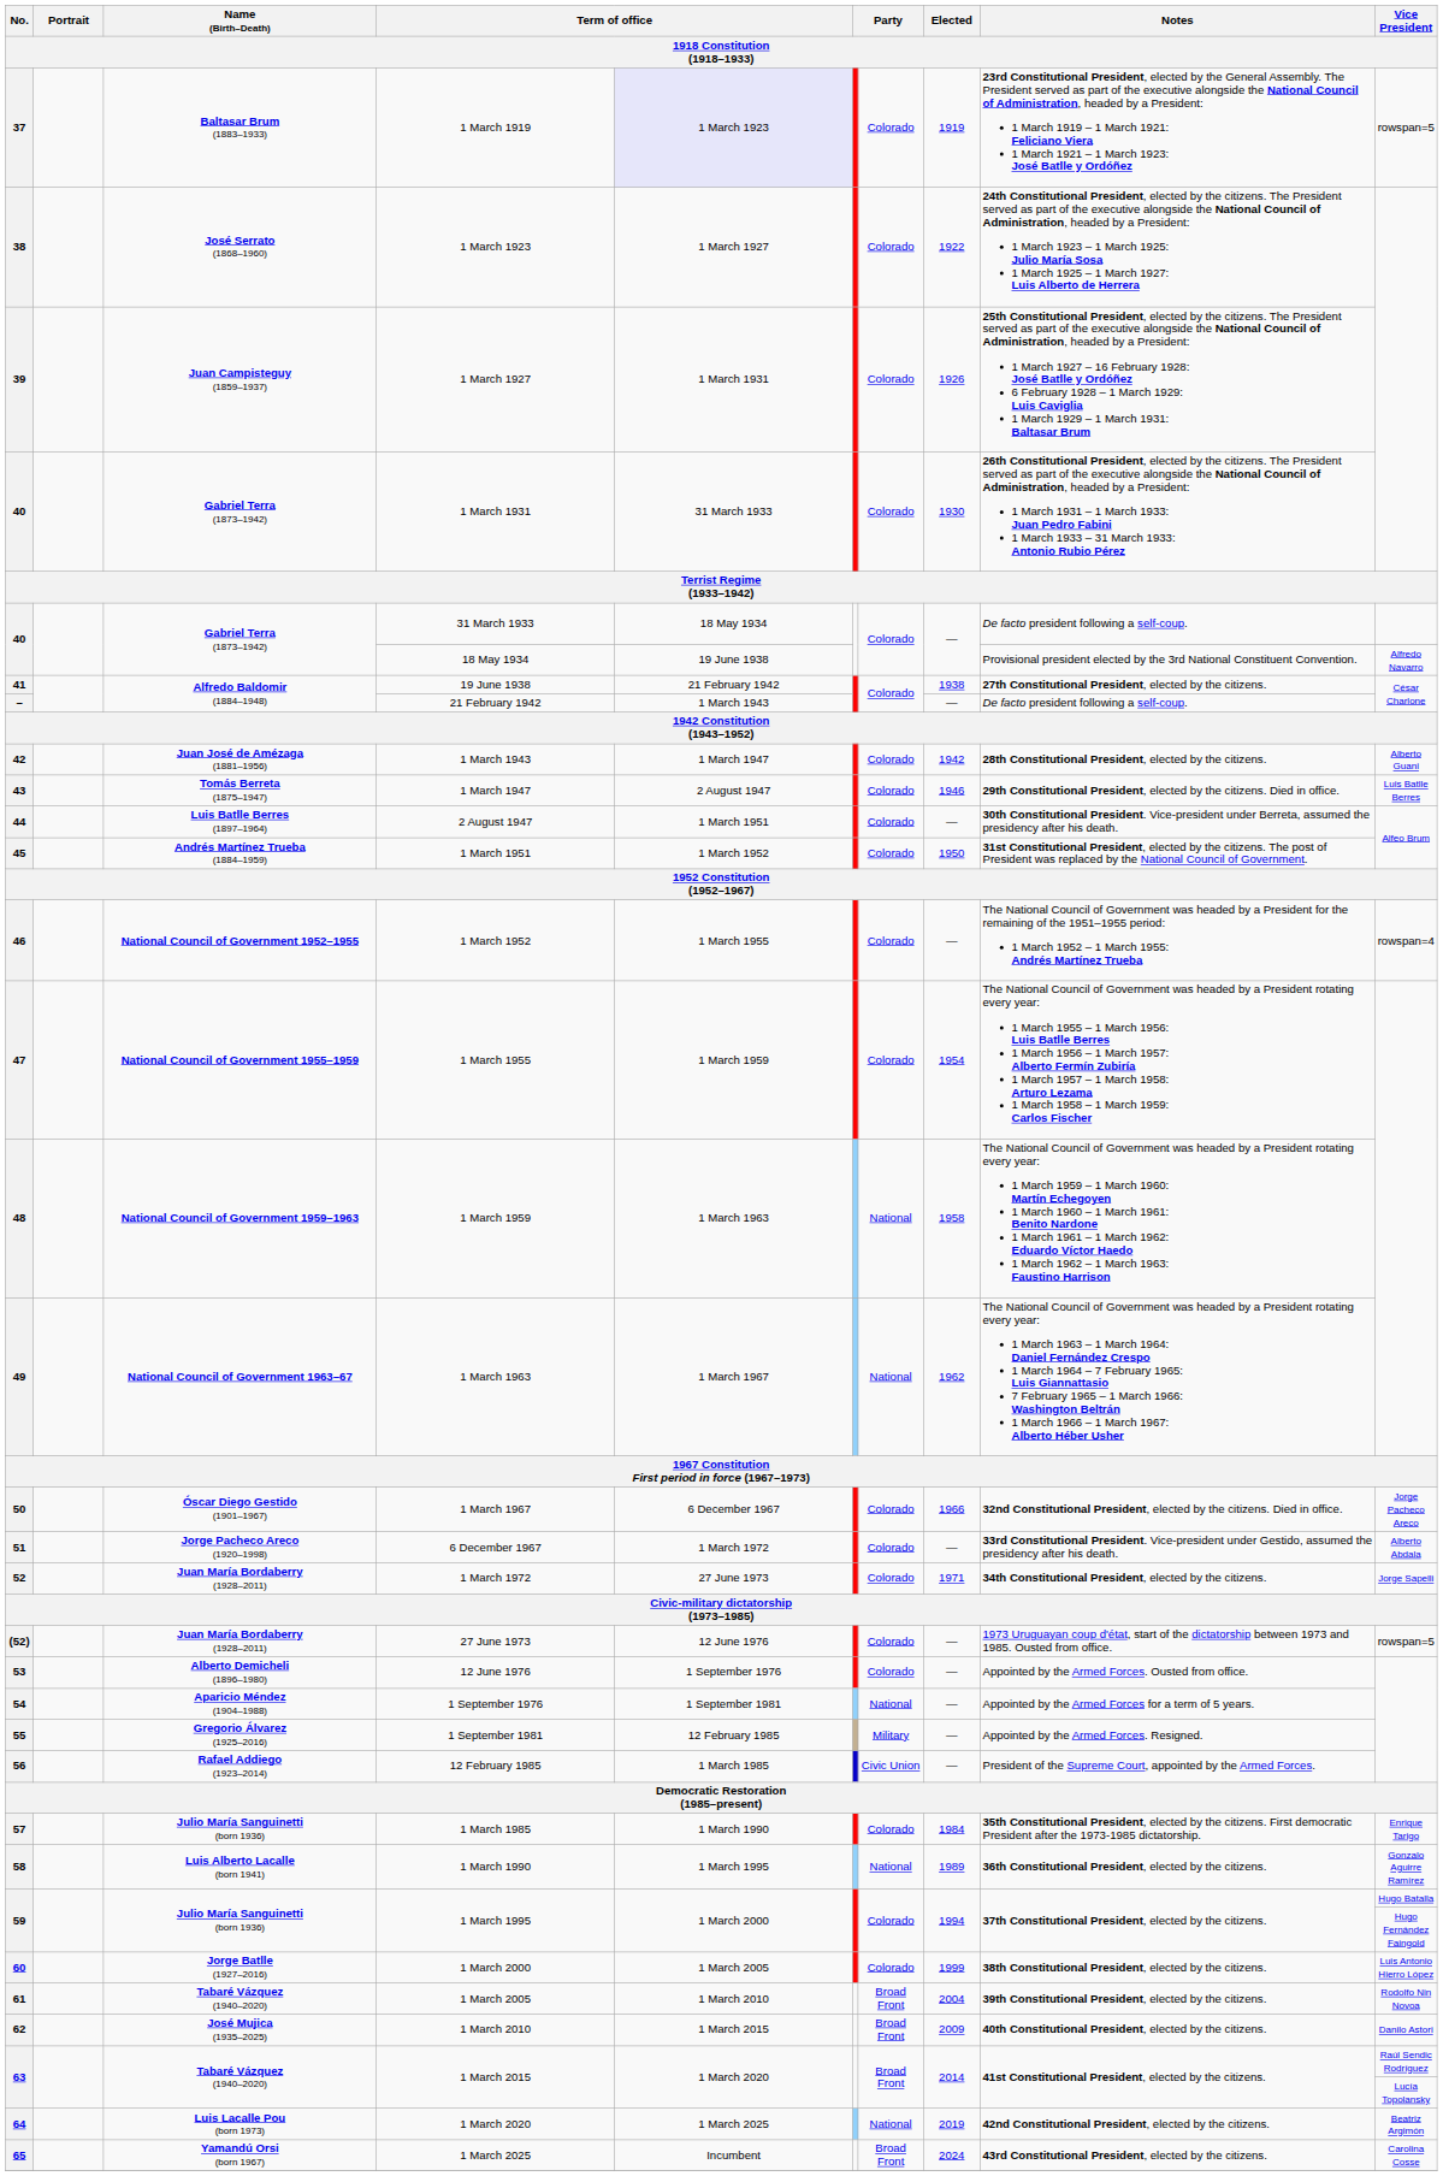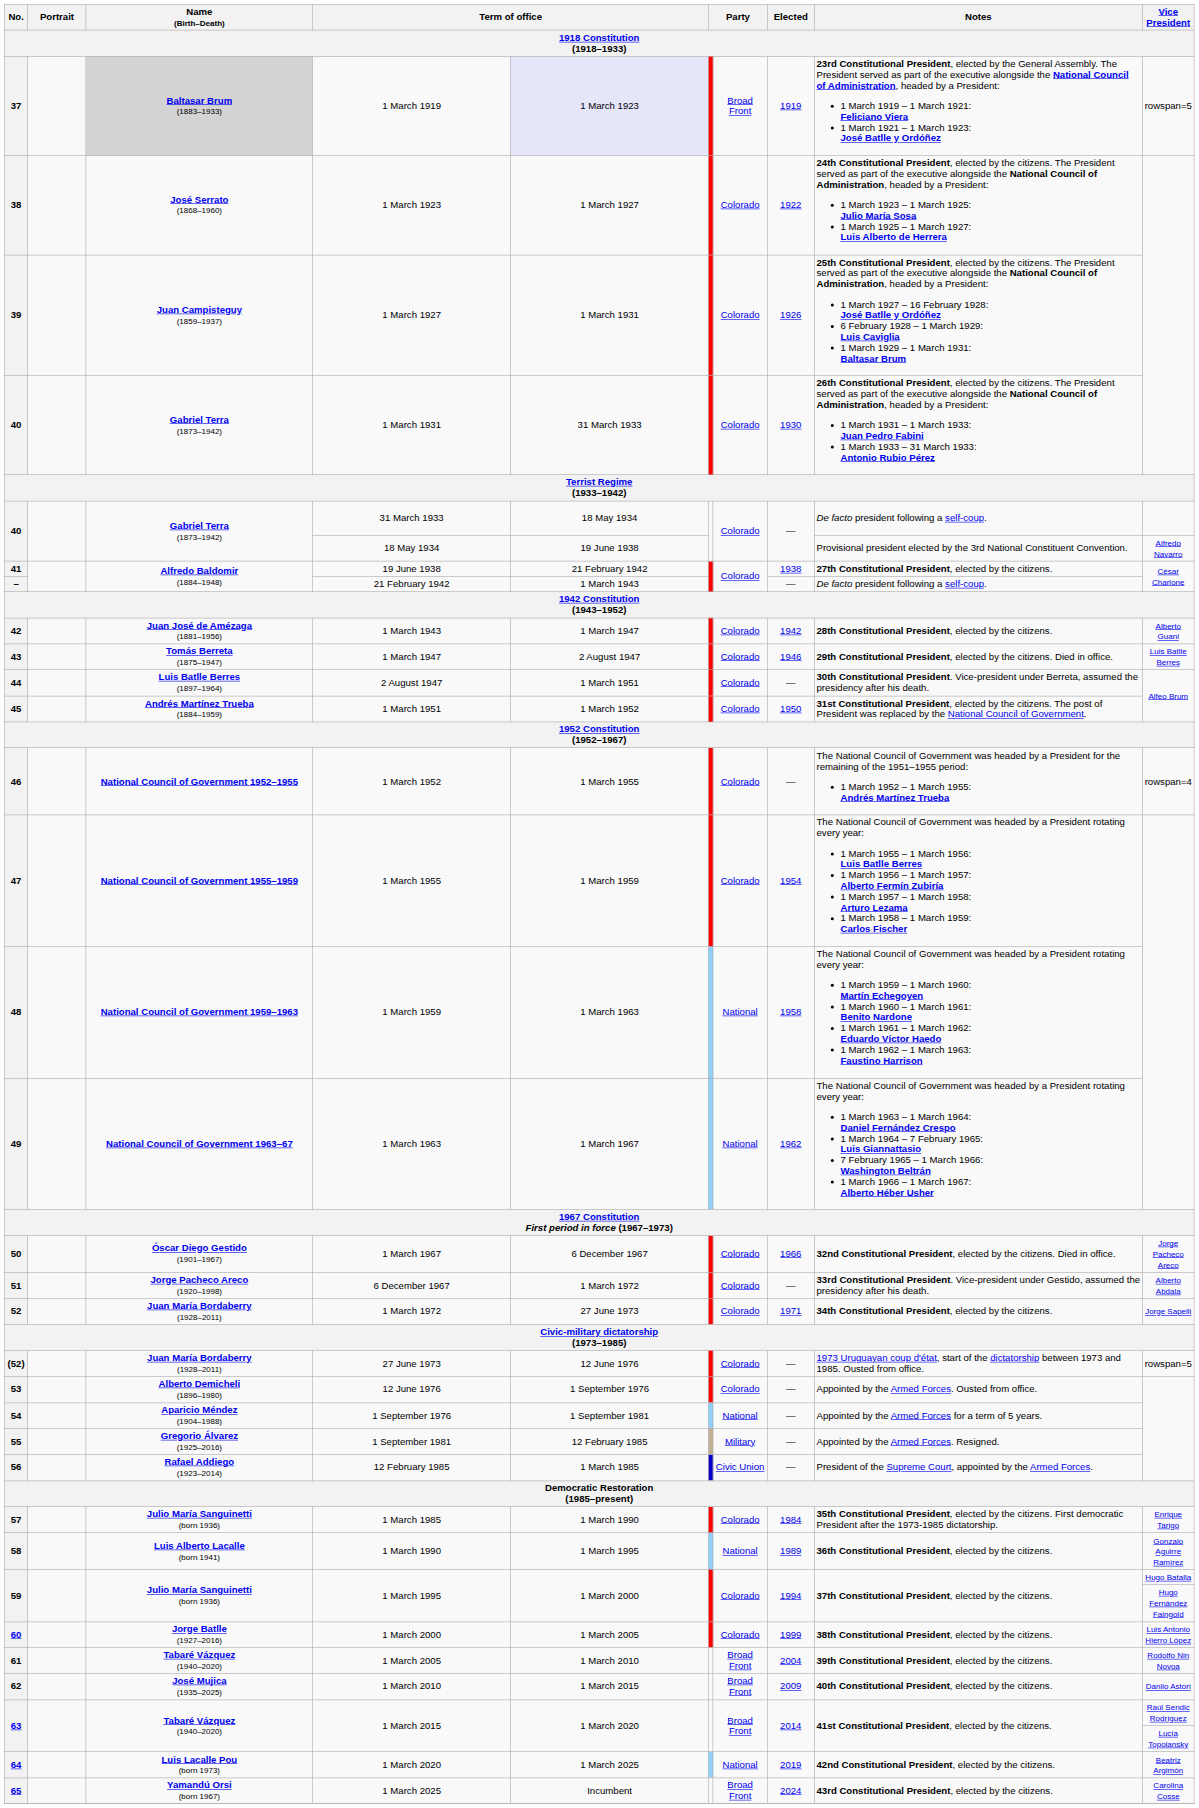 <table class="wikitable" width="100%" style="text-align: center;">
 <tr>
 <th width="2%">No.</th>
 <th width="5%">Portrait</th>
 <th width="20%">Name<br><small>(Birth–Death)</small></th>
 <th colspan="2" width="35%">Term of office</th>
 <th width="5%" colspan=2>Party</th>
 <th width="4%">Elected</th>
 <th width="29%">Notes</th>
 <th width="4%"><a href='#'>Vice President</a></th>
 </tr>
 <tr>
 <th colspan="10"><a href='#'>1918 Constitution</a> <br> (1918–1933)</th>
 </tr>
 <tr>
 <th>37</th>
 <td></td>
-<td><strong><a href='#'>Baltasar Brum</a></strong><br><small>(1883–1933)</small></td>
+<td style="background: lightgrey;"><strong><a href='#'>Baltasar Brum</a></strong><br><small>(1883–1933)</small></td>
 <td>1 March 1919</td>
 <td style="background: lavender;">1 March 1923</td>
 <td bgcolor=red></td>
-<td><a href='#'>Colorado</a></td>
+<td><a href='#'>Broad Front</a></td>
 <td><a href='#'>1919</a></td>
 <td align=left><strong>23rd Constitutional President</strong>, elected by the General Assembly. The President served as part of the executive alongside the <strong><a href='#'>National Council of Administration</a></strong>, headed by a President:<br><ul><li>1 March 1919 – 1 March 1921:<br><strong><a href='#'>Feliciano Viera</a></strong></li><li>1 March 1921 – 1 March 1923:<br><strong><a href='#'>José Batlle y Ordóñez</a></strong></li></ul></td>
 <td>rowspan=5 </td>
 </tr>
 <tr>
 <th>38</th>
 <td></td>
 <td><strong><a href='#'>José Serrato</a></strong><br><small>(1868–1960)</small></td>
 <td>1 March 1923</td>
 <td>1 March 1927</td>
 <td bgcolor=red></td>
 <td><a href='#'>Colorado</a></td>
 <td><a href='#'>1922</a></td>
 <td align=left><strong>24th Constitutional President</strong>, elected by the citizens. The President served as part of the executive alongside the <strong>National Council of Administration</strong>, headed by a President:<br><ul><li>1 March 1923 – 1 March 1925:<br><strong><a href='#'>Julio María Sosa</a></strong></li><li>1 March 1925 – 1 March 1927:<br><strong><a href='#'>Luis Alberto de Herrera</a></strong></li></ul></td>
 </tr>
 <tr>
 <th>39</th>
 <td></td>
 <td><strong><a href='#'>Juan Campisteguy</a></strong><br><small>(1859–1937)</small></td>
 <td>1 March 1927</td>
 <td>1 March 1931</td>
 <td bgcolor=red></td>
 <td><a href='#'>Colorado</a></td>
 <td><a href='#'>1926</a></td>
 <td align=left><strong>25th Constitutional President</strong>, elected by the citizens. The President served as part of the executive alongside the <strong>National Council of Administration</strong>, headed by a President:<br><ul><li>1 March 1927 – 16 February 1928:<br><strong><a href='#'>José Batlle y Ordóñez</a></strong></li><li>6 February 1928 – 1 March 1929:<br><strong><a href='#'>Luis Caviglia</a></strong></li><li>1 March 1929 – 1 March 1931:<br><strong><a href='#'>Baltasar Brum</a></strong></li></ul></td>
 </tr>
 <tr>
 <th>40</th>
 <td></td>
 <td><strong><a href='#'>Gabriel Terra</a></strong><br><small>(1873–1942)</small></td>
 <td>1 March 1931</td>
 <td>31 March 1933</td>
 <td bgcolor="red"></td>
 <td><a href='#'>Colorado</a></td>
 <td><a href='#'>1930</a></td>
 <td align=left><strong>26th Constitutional President</strong>, elected by the citizens. The President served as part of the executive alongside the <strong>National Council of Administration</strong>, headed by a President:<br><ul><li>1 March 1931 – 1 March 1933:<br><strong><a href='#'>Juan Pedro Fabini</a></strong></li><li>1 March 1933 – 31 March 1933:<br><strong><a href='#'>Antonio Rubio Pérez</a></strong></li></ul></td>
 </tr>
 <tr>
 <th colspan="10"><a href='#'>Terrist Regime</a>  <br>(1933–1942)</th>
 </tr>
 <tr>
 <th rowspan="2">40</th>
 <td rowspan="2"></td>
 <td rowspan="2"><strong><a href='#'>Gabriel Terra</a></strong><br><small>(1873–1942)</small></td>
 <td height="50px">31 March 1933</td>
 <td>18 May 1934</td>
 <td rowspan="2"></td>
 <td rowspan="2"><a href='#'>Colorado</a></td>
 <td rowspan="2">—</td>
 <td align="left"><em>De facto</em> president following a <a href='#'>self-coup</a>.</td>
 </tr>
 <tr>
 <td>18 May 1934</td>
 <td>19 June 1938</td>
 <td align=left>Provisional president elected by the 3rd National Constituent Convention.</td>
 <td><small><a href='#'>Alfredo Navarro</a></small></td>
 </tr>
 <tr>
 <th>41</th>
 <td rowspan=2></td>
 <td rowspan=2><strong><a href='#'>Alfredo Baldomir</a></strong><br><small>(1884–1948)</small></td>
 <td>19 June 1938</td>
 <td>21 February 1942</td>
 <td rowspan=2 bgcolor=red></td>
 <td rowspan=2><a href='#'>Colorado</a></td>
 <td><a href='#'>1938</a></td>
 <td align=left><strong>27th Constitutional President</strong>, elected by the citizens.</td>
 <td rowspan=2><small><a href='#'>César Charlone</a></small></td>
 </tr>
 <tr>
 <th>–</th>
 <td>21 February 1942</td>
 <td>1 March 1943</td>
 <td>—</td>
 <td align=left><em>De facto</em> president following a <a href='#'>self-coup</a>.</td>
 </tr>
 <tr>
 <th colspan="10"><a href='#'>1942 Constitution</a> <br>(1943–1952)</th>
 </tr>
 <tr>
 <th>42</th>
 <td></td>
 <td><strong><a href='#'>Juan José de Amézaga</a></strong><br><small>(1881–1956)</small></td>
 <td>1 March 1943</td>
 <td>1 March 1947</td>
 <td bgcolor=red></td>
 <td><a href='#'>Colorado</a></td>
 <td><a href='#'>1942</a></td>
 <td align=left><strong>28th Constitutional President</strong>, elected by the citizens.</td>
 <td><small><a href='#'>Alberto Guani</a></small></td>
 </tr>
 <tr>
 <th>43</th>
 <td></td>
 <td><strong><a href='#'>Tomás Berreta</a></strong><br><small>(1875–1947)</small></td>
 <td>1 March 1947</td>
 <td>2 August 1947</td>
 <td bgcolor=red></td>
 <td><a href='#'>Colorado</a></td>
 <td><a href='#'>1946</a></td>
 <td align=left><strong>29th Constitutional President</strong>, elected by the citizens. Died in office.</td>
 <td><small><a href='#'>Luis Batlle Berres</a></small></td>
 </tr>
 <tr>
 <th>44</th>
 <td></td>
 <td><strong><a href='#'>Luis Batlle Berres</a></strong><br><small>(1897–1964)</small></td>
 <td>2 August 1947</td>
 <td>1 March 1951</td>
 <td bgcolor=red></td>
 <td><a href='#'>Colorado</a></td>
 <td>—</td>
 <td align=left><strong>30th Constitutional President</strong>. Vice-president under Berreta, assumed the presidency after his death.</td>
 <td rowspan=2><small><a href='#'>Alfeo Brum</a></small></td>
 </tr>
 <tr>
 <th>45</th>
 <td></td>
 <td><strong><a href='#'>Andrés Martínez Trueba</a></strong><br><small>(1884–1959)</small></td>
 <td>1 March 1951</td>
 <td>1 March 1952</td>
 <td bgcolor=red></td>
 <td><a href='#'>Colorado</a></td>
 <td><a href='#'>1950</a></td>
 <td align=left><strong>31st Constitutional President</strong>, elected by the citizens. The post of President was replaced by the <a href='#'>National Council of Government</a>.</td>
 </tr>
 <tr>
 <th colspan="10"><a href='#'>1952 Constitution</a>  <br> (1952–1967)</th>
 </tr>
 <tr>
 <th>46</th>
 <td></td>
 <td><strong><a href='#'>National Council of Government 1952–1955</a></strong></td>
 <td>1 March 1952</td>
 <td>1 March 1955</td>
 <td bgcolor=red></td>
 <td><a href='#'>Colorado</a></td>
 <td>—</td>
 <td align=left>The National Council of Government was headed by a President for the remaining of the 1951–1955 period:<br><ul><li>1 March 1952 – 1 March 1955:<br><strong><a href='#'>Andrés Martínez Trueba</a></strong></li></ul></td>
 <td>rowspan=4 </td>
 </tr>
 <tr>
 <th>47</th>
 <td></td>
 <td><strong><a href='#'>National Council of Government 1955–1959</a></strong></td>
 <td>1 March 1955</td>
 <td>1 March 1959</td>
 <td bgcolor=red></td>
 <td><a href='#'>Colorado</a></td>
 <td><a href='#'>1954</a></td>
 <td align=left>The National Council of Government was headed by a President rotating every year:<br><ul><li>1 March 1955 – 1 March 1956:<br><strong><a href='#'>Luis Batlle Berres</a></strong></li><li>1 March 1956 – 1 March 1957:<br><strong><a href='#'>Alberto Fermín Zubiría</a></strong></li><li>1 March 1957 – 1 March 1958:<br><strong><a href='#'>Arturo Lezama</a></strong></li><li>1 March 1958 – 1 March 1959:<br><strong><a href='#'>Carlos Fischer</a></strong></li></ul></td>
 </tr>
 <tr>
 <th>48</th>
 <td></td>
 <td><strong><a href='#'>National Council of Government 1959–1963</a></strong></td>
 <td>1 March 1959</td>
 <td>1 March 1963</td>
 <td bgcolor=#90D1FC></td>
 <td><a href='#'>National</a></td>
 <td><a href='#'>1958</a></td>
 <td align=left>The National Council of Government was headed by a President rotating every year:<br><ul><li>1 March 1959 – 1 March 1960:<br><strong><a href='#'>Martín Echegoyen</a></strong></li><li>1 March 1960 – 1 March 1961:<br><strong><a href='#'>Benito Nardone</a></strong></li><li>1 March 1961 – 1 March 1962:<br><strong><a href='#'>Eduardo Víctor Haedo</a></strong></li><li>1 March 1962 – 1 March 1963:<br><strong><a href='#'>Faustino Harrison</a></strong></li></ul></td>
 </tr>
 <tr>
 <th>49</th>
 <td></td>
 <td><strong><a href='#'>National Council of Government 1963–67</a></strong></td>
 <td>1 March 1963</td>
 <td>1 March 1967</td>
 <td bgcolor=#90D1FC></td>
 <td><a href='#'>National</a></td>
 <td><a href='#'>1962</a></td>
 <td align=left>The National Council of Government was headed by a President rotating every year:<br><ul><li>1 March 1963 – 1 March 1964:<br><strong><a href='#'>Daniel Fernández Crespo</a></strong></li><li>1 March 1964 – 7 February 1965:<br><strong><a href='#'>Luis Giannattasio</a></strong></li><li>7 February 1965 – 1 March 1966:<br><strong><a href='#'>Washington Beltrán</a></strong></li><li>1 March 1966 – 1 March 1967:<br><strong><a href='#'>Alberto Héber Usher</a></strong></li></ul></td>
 </tr>
 <tr>
 <th colspan="10"><a href='#'>1967 Constitution</a> <br> <em>First period in force</em> (1967–1973)</th>
 </tr>
 <tr>
 <th>50</th>
 <td></td>
 <td><strong><a href='#'>Óscar Diego Gestido</a></strong><br><small>(1901–1967)</small></td>
 <td>1 March 1967</td>
 <td>6 December 1967</td>
 <td bgcolor=red></td>
 <td><a href='#'>Colorado</a></td>
 <td><a href='#'>1966</a></td>
 <td align=left><strong>32nd Constitutional President</strong>, elected by the citizens. Died in office.</td>
 <td><small><a href='#'>Jorge Pacheco Areco</a></small></td>
 </tr>
 <tr>
 <th>51</th>
 <td></td>
 <td><strong><a href='#'>Jorge Pacheco Areco</a></strong><br><small>(1920–1998)</small></td>
 <td>6 December 1967</td>
 <td>1 March 1972</td>
 <td bgcolor=red></td>
 <td><a href='#'>Colorado</a></td>
 <td>—</td>
 <td align=left><strong>33rd Constitutional President</strong>. Vice-president under Gestido, assumed the presidency after his death.</td>
 <td><small><a href='#'>Alberto Abdala</a></small></td>
 </tr>
 <tr>
 <th>52</th>
 <td></td>
 <td><strong><a href='#'>Juan María Bordaberry</a></strong><br><small>(1928–2011)</small></td>
 <td>1 March 1972</td>
 <td>27 June 1973</td>
 <td bgcolor="red"></td>
 <td><a href='#'>Colorado</a></td>
 <td><a href='#'>1971</a></td>
 <td align=left><strong>34th Constitutional President</strong>, elected by the citizens.</td>
 <td><small><a href='#'>Jorge Sapelli</a></small></td>
 </tr>
 <tr>
 <th colspan="10"><a href='#'>Civic-military dictatorship</a> <br> (1973–1985)</th>
 </tr>
 <tr>
 <th>(52)</th>
 <td></td>
 <td><strong><a href='#'>Juan María Bordaberry</a></strong><br><small>(1928–2011)</small></td>
 <td>27 June 1973</td>
 <td>12 June 1976</td>
 <td bgcolor=red></td>
 <td><a href='#'>Colorado</a></td>
 <td>—</td>
 <td align="left"><a href='#'>1973 Uruguayan coup d'état</a>, start of the <a href='#'>dictatorship</a> between 1973 and 1985. Ousted from office.</td>
 <td>rowspan=5 </td>
 </tr>
 <tr>
 <th>53</th>
 <td></td>
 <td><strong><a href='#'>Alberto Demicheli</a></strong><br><small>(1896–1980)</small></td>
 <td>12 June 1976</td>
 <td>1 September 1976</td>
 <td bgcolor=red></td>
 <td><a href='#'>Colorado</a></td>
 <td>—</td>
 <td align=left>Appointed by the <a href='#'>Armed Forces</a>. Ousted from office.</td>
 </tr>
 <tr>
 <th>54</th>
 <td></td>
 <td><strong><a href='#'>Aparicio Méndez</a></strong><br><small>(1904–1988)</small></td>
 <td>1 September 1976</td>
 <td>1 September 1981</td>
 <td bgcolor=#90D1FC></td>
 <td><a href='#'>National</a></td>
 <td>—</td>
 <td align=left>Appointed by the <a href='#'>Armed Forces</a> for a term of 5 years.</td>
 </tr>
 <tr>
 <th>55</th>
 <td></td>
 <td><strong><a href='#'>Gregorio Álvarez</a></strong><br><small>(1925–2016)</small></td>
 <td>1 September 1981</td>
 <td>12 February 1985</td>
 <td bgcolor=#C3B091></td>
 <td><a href='#'>Military</a></td>
 <td>—</td>
 <td align=left>Appointed by the <a href='#'>Armed Forces</a>. Resigned.</td>
 </tr>
 <tr>
 <th>56</th>
 <td></td>
 <td><strong><a href='#'>Rafael Addiego</a></strong><br><small>(1923–2014)</small></td>
 <td>12 February 1985</td>
 <td>1 March 1985</td>
 <td bgcolor=#0700C9></td>
 <td><a href='#'>Civic Union</a></td>
 <td>—</td>
 <td align=left>President of the <a href='#'>Supreme Court</a>, appointed by the <a href='#'>Armed Forces</a>.</td>
 </tr>
 <tr>
 <th colspan="10">Democratic Restoration<br>(1985–present)</th>
 </tr>
 <tr>
 <th>57</th>
 <td></td>
 <td><strong><a href='#'>Julio María Sanguinetti</a></strong><br><small>(born 1936)</small></td>
 <td>1 March 1985</td>
 <td>1 March 1990</td>
 <td bgcolor=red></td>
 <td><a href='#'>Colorado</a></td>
 <td><a href='#'>1984</a></td>
 <td align=left><strong>35th Constitutional President</strong>, elected by the citizens. First democratic President after the 1973-1985 dictatorship.</td>
 <td><small><a href='#'>Enrique Tarigo</a></small></td>
 </tr>
 <tr>
 <th>58</th>
 <td></td>
 <td><strong><a href='#'>Luis Alberto Lacalle</a></strong><br><small>(born 1941)</small></td>
 <td>1 March 1990</td>
 <td>1 March 1995</td>
 <td bgcolor=#90D1FC></td>
 <td><a href='#'>National</a></td>
 <td><a href='#'>1989</a></td>
 <td align=left><strong>36th Constitutional President</strong>, elected by the citizens.</td>
 <td><small><a href='#'>Gonzalo Aguirre Ramírez</a></small></td>
 </tr>
 <tr>
 <th rowspan=2>59</th>
 <td rowspan=2></td>
 <td rowspan=2><strong><a href='#'>Julio María Sanguinetti</a></strong><br><small>(born 1936)</small></td>
 <td rowspan=2>1 March 1995</td>
 <td rowspan=2>1 March 2000</td>
 <td rowspan=2 bgcolor=red></td>
 <td rowspan=2><a href='#'>Colorado</a></td>
 <td rowspan=2><a href='#'>1994</a></td>
 <td rowspan=2 align=left><strong>37th Constitutional President</strong>, elected by the citizens.</td>
 <td><small><a href='#'>Hugo Batalla</a></small></td>
 </tr>
 <tr>
 <td><small><a href='#'>Hugo Fernández Faingold</a></small></td>
 </tr>
 <tr>
 <th><a href='#'>60</a></th>
 <td></td>
 <td><strong><a href='#'>Jorge Batlle</a></strong><br><small>(1927–2016)</small></td>
 <td>1 March 2000</td>
 <td>1 March 2005</td>
 <td bgcolor=red></td>
 <td><a href='#'>Colorado</a></td>
 <td><a href='#'>1999</a></td>
 <td align=left><strong>38th Constitutional President</strong>, elected by the citizens.</td>
 <td><small><a href='#'>Luis Antonio Hierro López</a></small></td>
 </tr>
 <tr>
 <th>61</th>
 <td></td>
 <td><strong><a href='#'>Tabaré Vázquez</a></strong><br><small>(1940–2020)</small></td>
 <td>1 March 2005</td>
 <td>1 March 2010</td>
 <td bgcolor=></td>
 <td><a href='#'>Broad Front</a></td>
 <td><a href='#'>2004</a></td>
 <td align=left><strong>39th Constitutional President</strong>, elected by the citizens.</td>
 <td><small><a href='#'>Rodolfo Nin Novoa</a></small></td>
 </tr>
 <tr>
 <th>62</th>
 <td></td>
 <td><strong><a href='#'>José Mujica</a></strong><br><small>(1935–2025)</small></td>
 <td>1 March 2010</td>
 <td>1 March 2015</td>
 <td bgcolor=></td>
 <td><a href='#'>Broad Front</a></td>
 <td><a href='#'>2009</a></td>
 <td align=left><strong>40th Constitutional President</strong>, elected by the citizens.</td>
 <td><small><a href='#'>Danilo Astori</a></small></td>
 </tr>
 <tr>
 <th rowspan=2><a href='#'>63</a></th>
 <td rowspan=2></td>
 <td rowspan=2><strong><a href='#'>Tabaré Vázquez</a></strong><br><small>(1940–2020)</small></td>
 <td rowspan=2>1 March 2015</td>
 <td rowspan=2>1 March 2020</td>
 <td rowspan=2 bgcolor=></td>
 <td rowspan=2><a href='#'>Broad Front</a></td>
 <td rowspan=2><a href='#'>2014</a></td>
 <td rowspan=2 align=left><strong>41st Constitutional President</strong>, elected by the citizens.</td>
 <td><small><a href='#'>Raúl Sendic Rodríguez</a></small></td>
 </tr>
 <tr>
 <td><small><a href='#'>Lucía Topolansky</a></small></td>
 </tr>
 <tr>
 <th><a href='#'>64</a></th>
 <td></td>
 <td><strong><a href='#'>Luis Lacalle Pou</a></strong><br><small>(born 1973)</small></td>
 <td>1 March 2020</td>
 <td>1 March 2025</td>
 <td bgcolor=#90D1FC></td>
 <td><a href='#'>National</a></td>
 <td><a href='#'>2019</a></td>
 <td align=left><strong>42nd Constitutional President</strong>, elected by the citizens.</td>
 <td><small><a href='#'>Beatriz Argimón</a></small></td>
 </tr>
 <tr>
 <th><a href='#'>65</a></th>
 <td></td>
 <td><strong><a href='#'>Yamandú Orsi</a></strong><br><small>(born 1967)</small></td>
 <td>1 March 2025</td>
 <td>Incumbent</td>
 <td bgcolor=></td>
 <td><a href='#'>Broad Front</a></td>
 <td><a href='#'>2024</a></td>
 <td align=left><strong>43rd Constitutional President</strong>, elected by the citizens.</td>
 <td><small><a href='#'>Carolina Cosse</a></small></td>
 </tr>
 <tr>
 </tr>
 </table>
